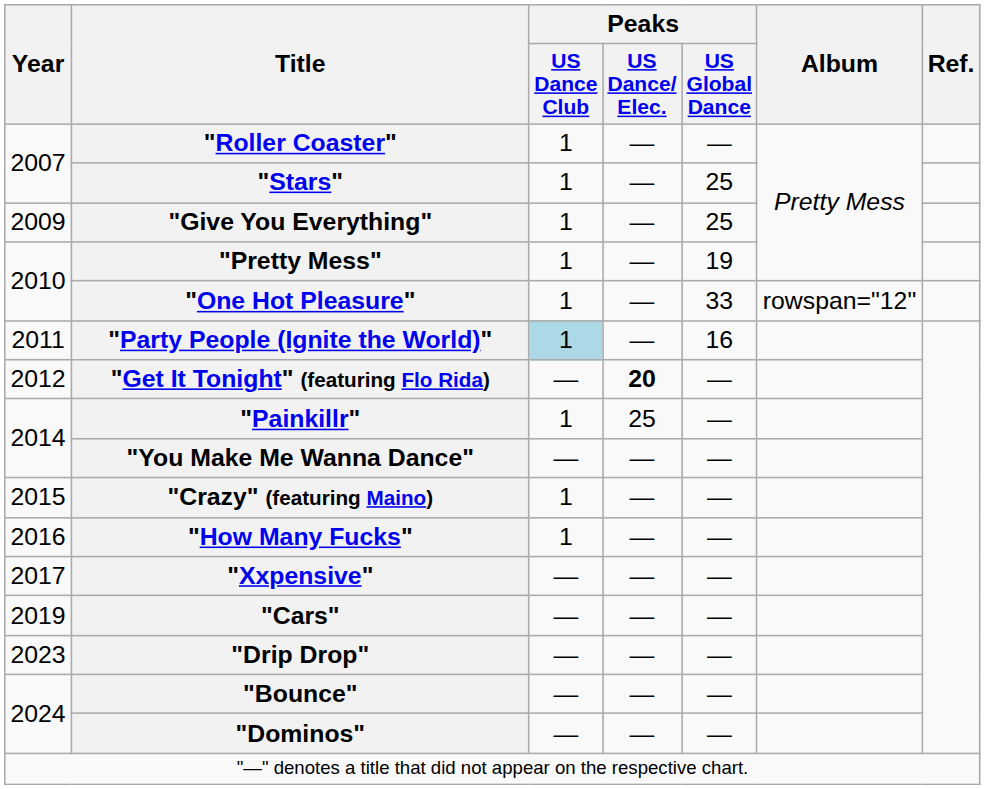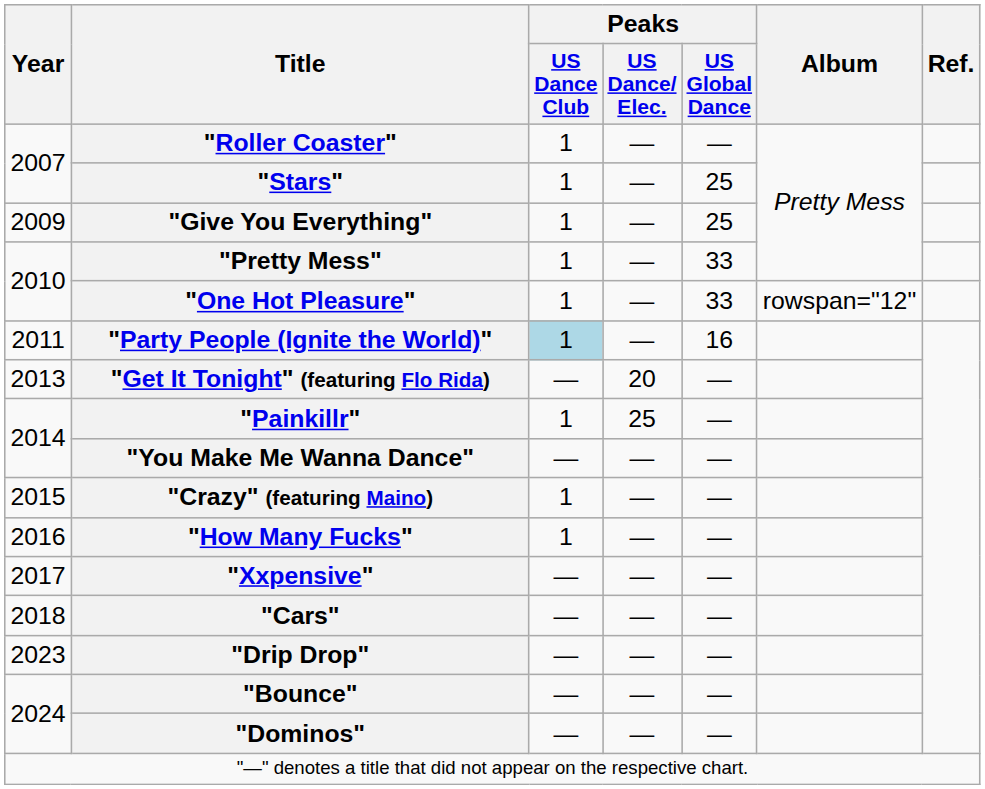 <table class="wikitable plainrowheaders" style="text-align:center">
 <tr>
 <th rowspan="2">Year</th>
 <th rowspan="2" style="width:18em;">Title</th>
 <th colspan="3">Peaks</th>
 <th rowspan="2">Album</th>
 <th rowspan="2">Ref.</th>
 </tr>
 <tr>
 <th scope="col" style="width:2.5em;font-size:85%;"><a href='#'>US<br>Dance<br>Club</a><br></th>
 <th scope="col" style="width:2.5em;font-size:85%;"><a href='#'>US<br>Dance/<br>Elec.</a><br></th>
 <th scope="col" style="width:2.5em;font-size:85%;"><a href='#'>US<br>Global<br>Dance</a><br></th>
 </tr>
 <tr>
 <td rowspan="2">2007</td>
 <th scope="row">"<a href='#'>Roller Coaster</a>"</th>
 <td>1</td>
 <td>—</td>
 <td>—</td>
 <td rowspan="4"><em>Pretty Mess</em></td>
 <td></td>
 </tr>
 <tr>
 <th scope="row">"<a href='#'>Stars</a>"</th>
 <td>1</td>
 <td>—</td>
 <td>25</td>
 <td></td>
 </tr>
 <tr>
 <td>2009</td>
 <th scope="row">"Give You Everything"</th>
 <td>1</td>
 <td>—</td>
 <td>25</td>
 <td></td>
 </tr>
 <tr>
 <td rowspan="2">2010</td>
 <th scope="row">"Pretty Mess"</th>
 <td>1</td>
 <td>—</td>
-<td>19</td>
+<td>33</td>
 <td></td>
 </tr>
 <tr>
 <th scope="row">"<a href='#'>One Hot Pleasure</a>"</th>
 <td>1</td>
 <td —>—</td>
 <td>33</td>
 <td>rowspan="12"</td>
 <td></td>
 </tr>
 <tr>
 <td>2011</td>
 <th scope="row">"<a href='#'>Party People (Ignite the World)</a>"</th>
 <td style="background: lightblue;">1</td>
 <td>—</td>
 <td>16</td>
 <td></td>
 </tr>
 <tr>
-<td>2012</td>
+<td>2013</td>
 <th scope="row">"<a href='#'>Get It Tonight</a>" <small>(featuring <a href='#'>Flo Rida</a>)</small></th>
 <td>—</td>
-<td><strong>20</strong></td>
+<td>20</td>
 <td>—</td>
 <td></td>
 </tr>
 <tr>
 <td rowspan="2">2014</td>
 <th scope="row">"<a href='#'>Painkillr</a>"</th>
 <td>1</td>
 <td>25</td>
 <td>—</td>
 <td></td>
 </tr>
 <tr>
 <th scope="row">"You Make Me Wanna Dance"</th>
 <td>—</td>
 <td>—</td>
 <td>—</td>
 <td></td>
 </tr>
 <tr>
 <td>2015</td>
 <th scope="row">"Crazy" <small>(featuring <a href='#'>Maino</a>)</small></th>
 <td>1</td>
 <td>—</td>
 <td>—</td>
 <td></td>
 </tr>
 <tr>
 <td>2016</td>
 <th scope="row">"<a href='#'>How Many Fucks</a>"</th>
 <td>1</td>
 <td>—</td>
 <td>—</td>
 <td></td>
 </tr>
 <tr>
 <td>2017</td>
 <th scope="row">"<a href='#'>Xxpensive</a>"</th>
 <td>—</td>
 <td>—</td>
 <td>—</td>
 <td></td>
 </tr>
 <tr>
-<td>2019</td>
+<td>2018</td>
 <th scope="row">"Cars"</th>
 <td>—</td>
 <td>—</td>
 <td>—</td>
 <td></td>
 </tr>
 <tr>
 <td>2023</td>
 <th scope="row">"Drip Drop"</th>
 <td>—</td>
 <td>—</td>
 <td>—</td>
 <td></td>
 </tr>
 <tr>
 <td rowspan="2">2024</td>
 <th scope="row">"Bounce"</th>
 <td>—</td>
 <td>—</td>
 <td>—</td>
 <td></td>
 </tr>
 <tr>
 <th scope="row">"Dominos"</th>
 <td>—</td>
 <td>—</td>
 <td>—</td>
 <td></td>
 </tr>
 <tr>
 <td colspan="17" style="font-size:9pt">"—" denotes a title that did not appear on the respective chart.</td>
 </tr>
 </table>
